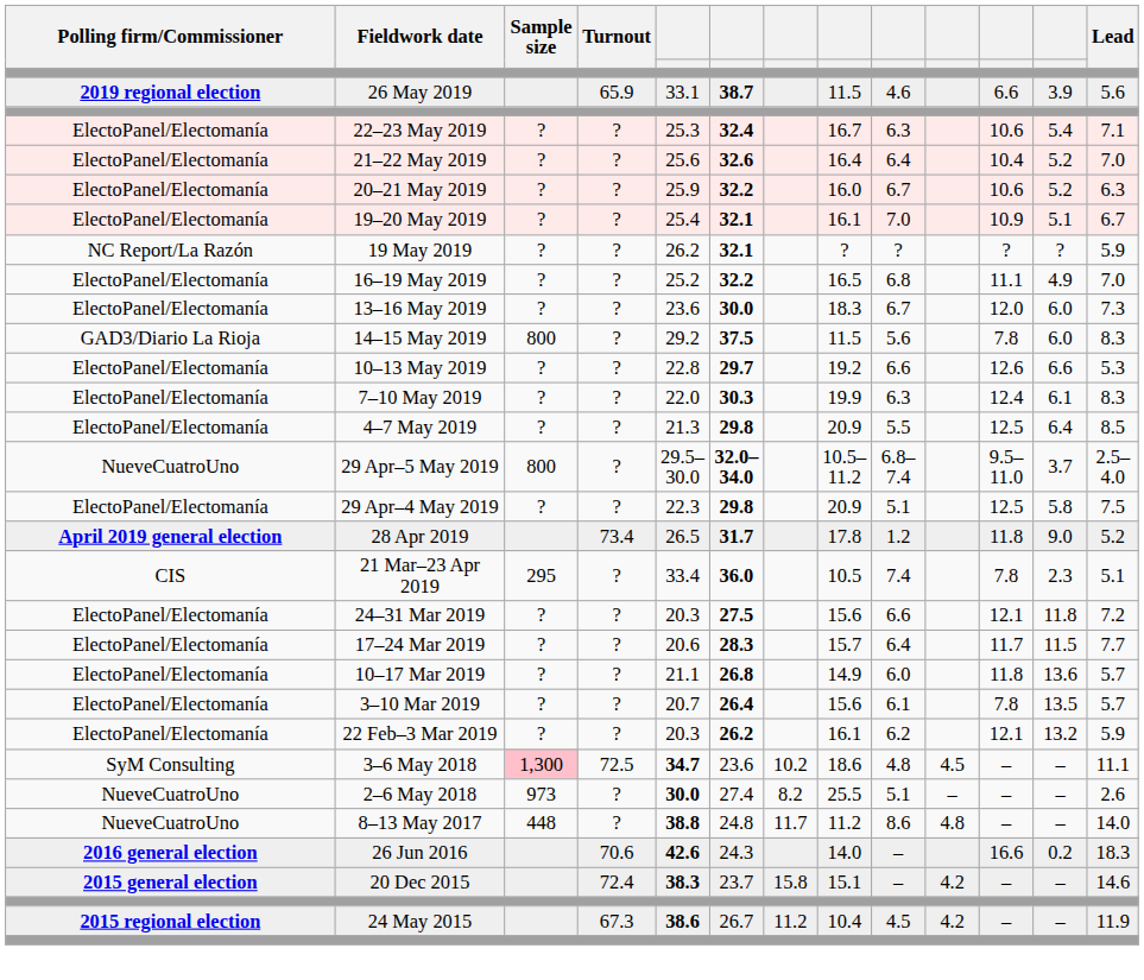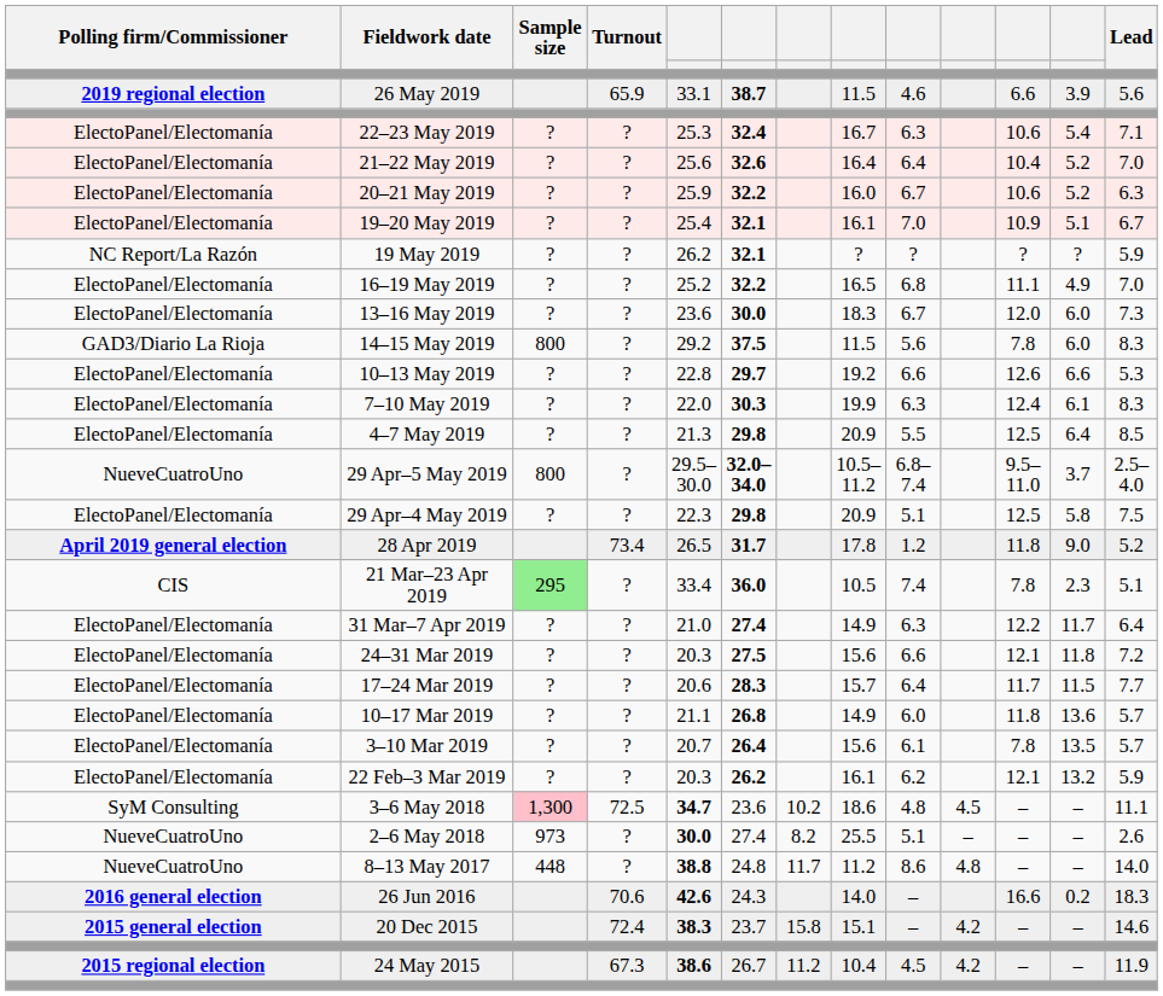 <table class="wikitable collapsible collapsed" style="text-align:center; font-size:95%; line-height:16px;">
 <tr style="height:42px;">
 <th style="width:250px;" rowspan="2">Polling firm/Commissioner</th>
 <th style="width:125px;" rowspan="2">Fieldwork date</th>
 <th style="width:50px;" rowspan="2">Sample size</th>
 <th style="width:45px;" rowspan="2">Turnout</th>
 <th style="width:35px;"></th>
 <th style="width:35px;"></th>
 <th style="width:35px;"></th>
 <th style="width:35px;"></th>
 <th style="width:35px;"></th>
 <th style="width:35px;"></th>
 <th style="width:35px;"></th>
 <th style="width:35px;"></th>
 <th style="width:30px;" rowspan="2">Lead</th>
 </tr>
 <tr>
 <th style="color:inherit;background:"></th>
 <th style="color:inherit;background:"></th>
 <th style="color:inherit;background:"></th>
 <th style="color:inherit;background:"></th>
 <th style="color:inherit;background:"></th>
 <th style="color:inherit;background:"></th>
 <th style="color:inherit;background:"></th>
 <th style="color:inherit;background:"></th>
 </tr>
 <tr>
 <td colspan="13" style="background:#A0A0A0"></td>
 </tr>
 <tr style="background:#EFEFEF;">
 <td><strong><a href='#'>2019 regional election</a></strong></td>
 <td>26 May 2019</td>
 <td></td>
 <td>65.9</td>
 <td>33.1<br></td>
 <td><strong>38.7</strong><br></td>
 <td></td>
 <td>11.5<br></td>
 <td>4.6<br></td>
 <td></td>
 <td>6.6<br></td>
 <td>3.9<br></td>
 <td style="background:">5.6</td>
 </tr>
 <tr>
 <td colspan="13" style="background:#A0A0A0"></td>
 </tr>
 <tr style="background:#FFEAEA;">
 <td>ElectoPanel/Electomanía</td>
 <td>22–23 May 2019</td>
 <td>?</td>
 <td>?</td>
 <td>25.3<br></td>
 <td><strong>32.4</strong><br></td>
 <td></td>
 <td>16.7<br></td>
 <td>6.3<br></td>
 <td></td>
 <td>10.6<br></td>
 <td>5.4<br></td>
 <td style="background:">7.1</td>
 </tr>
 <tr style="background:#FFEAEA;">
 <td>ElectoPanel/Electomanía</td>
 <td>21–22 May 2019</td>
 <td>?</td>
 <td>?</td>
 <td>25.6<br></td>
 <td><strong>32.6</strong><br></td>
 <td></td>
 <td>16.4<br></td>
 <td>6.4<br></td>
 <td></td>
 <td>10.4<br></td>
 <td>5.2<br></td>
 <td style="background:">7.0</td>
 </tr>
 <tr style="background:#FFEAEA;">
 <td>ElectoPanel/Electomanía</td>
 <td>20–21 May 2019</td>
 <td>?</td>
 <td>?</td>
 <td>25.9<br></td>
 <td><strong>32.2</strong><br></td>
 <td></td>
 <td>16.0<br></td>
 <td>6.7<br></td>
 <td></td>
 <td>10.6<br></td>
 <td>5.2<br></td>
 <td style="background:">6.3</td>
 </tr>
 <tr style="background:#FFEAEA;">
 <td>ElectoPanel/Electomanía</td>
 <td>19–20 May 2019</td>
 <td>?</td>
 <td>?</td>
 <td>25.4<br></td>
 <td><strong>32.1</strong><br></td>
 <td></td>
 <td>16.1<br></td>
 <td>7.0<br></td>
 <td></td>
 <td>10.9<br></td>
 <td>5.1<br></td>
 <td style="background:">6.7</td>
 </tr>
 <tr>
 <td>NC Report/La Razón</td>
 <td>19 May 2019</td>
 <td>?</td>
 <td>?</td>
 <td>26.2<br></td>
 <td><strong>32.1</strong><br></td>
 <td></td>
 <td>?<br></td>
 <td>?<br></td>
 <td></td>
 <td>?<br></td>
 <td>?<br></td>
 <td style="background:">5.9</td>
 </tr>
 <tr>
 <td>ElectoPanel/Electomanía</td>
 <td>16–19 May 2019</td>
 <td>?</td>
 <td>?</td>
 <td>25.2<br></td>
 <td><strong>32.2</strong><br></td>
 <td></td>
 <td>16.5<br></td>
 <td>6.8<br></td>
 <td></td>
 <td>11.1<br></td>
 <td>4.9<br></td>
 <td style="background:">7.0</td>
 </tr>
 <tr>
 <td>ElectoPanel/Electomanía</td>
 <td>13–16 May 2019</td>
 <td>?</td>
 <td>?</td>
 <td>23.6<br></td>
 <td><strong>30.0</strong><br></td>
 <td></td>
 <td>18.3<br></td>
 <td>6.7<br></td>
 <td></td>
 <td>12.0<br></td>
 <td>6.0<br></td>
 <td style="background:">7.3</td>
 </tr>
 <tr>
 <td>GAD3/Diario La Rioja</td>
 <td>14–15 May 2019</td>
 <td>800</td>
 <td>?</td>
 <td>29.2<br></td>
 <td><strong>37.5</strong><br></td>
 <td></td>
 <td>11.5<br></td>
 <td>5.6<br></td>
 <td></td>
 <td>7.8<br></td>
 <td>6.0<br></td>
 <td style="background:">8.3</td>
 </tr>
 <tr>
 <td>ElectoPanel/Electomanía</td>
 <td>10–13 May 2019</td>
 <td>?</td>
 <td>?</td>
 <td>22.8<br></td>
 <td><strong>29.7</strong><br></td>
 <td></td>
 <td>19.2<br></td>
 <td>6.6<br></td>
 <td></td>
 <td>12.6<br></td>
 <td>6.6<br></td>
 <td style="background:">5.3</td>
 </tr>
 <tr>
 <td>ElectoPanel/Electomanía</td>
 <td>7–10 May 2019</td>
 <td>?</td>
 <td>?</td>
 <td>22.0<br></td>
 <td><strong>30.3</strong><br></td>
 <td></td>
 <td>19.9<br></td>
 <td>6.3<br></td>
 <td></td>
 <td>12.4<br></td>
 <td>6.1<br></td>
 <td style="background:">8.3</td>
 </tr>
 <tr>
 <td>ElectoPanel/Electomanía</td>
 <td>4–7 May 2019</td>
 <td>?</td>
 <td>?</td>
 <td>21.3<br></td>
 <td><strong>29.8</strong><br></td>
 <td></td>
 <td>20.9<br></td>
 <td>5.5<br></td>
 <td></td>
 <td>12.5<br></td>
 <td>6.4<br></td>
 <td style="background:">8.5</td>
 </tr>
 <tr>
 <td>NueveCuatroUno</td>
 <td>29 Apr–5 May 2019</td>
 <td>800</td>
 <td>?</td>
 <td>29.5–<br>30.0<br></td>
 <td><strong>32.0–<br>34.0</strong><br></td>
 <td></td>
 <td>10.5–<br>11.2<br></td>
 <td>6.8–<br>7.4<br></td>
 <td></td>
 <td>9.5–<br>11.0<br></td>
 <td>3.7<br></td>
 <td style="background:">2.5–<br>4.0</td>
 </tr>
 <tr>
 <td>ElectoPanel/Electomanía</td>
 <td>29 Apr–4 May 2019</td>
 <td>?</td>
 <td>?</td>
 <td>22.3<br></td>
 <td><strong>29.8</strong><br></td>
 <td></td>
 <td>20.9<br></td>
 <td>5.1<br></td>
 <td></td>
 <td>12.5<br></td>
 <td>5.8<br></td>
 <td style="background:">7.5</td>
 </tr>
 <tr style="background:#EFEFEF;">
 <td><strong><a href='#'>April 2019 general election</a></strong></td>
 <td>28 Apr 2019</td>
 <td></td>
 <td>73.4</td>
 <td>26.5<br></td>
 <td><strong>31.7</strong><br></td>
 <td></td>
 <td>17.8<br></td>
 <td>1.2<br></td>
 <td></td>
 <td>11.8<br></td>
 <td>9.0<br></td>
 <td style="background:">5.2</td>
 </tr>
 <tr>
 <td>CIS</td>
 <td>21 Mar–23 Apr 2019</td>
-<td>295</td>
+<td style="background: lightgreen;">295</td>
 <td>?</td>
 <td>33.4<br></td>
 <td><strong>36.0</strong><br></td>
 <td></td>
 <td>10.5<br></td>
 <td>7.4<br></td>
 <td></td>
 <td>7.8<br></td>
 <td>2.3<br></td>
 <td style="background:">5.1</td>
+</tr>
+<tr>
+<td>ElectoPanel/Electomanía</td>
+<td>31 Mar–7 Apr 2019</td>
+<td>?</td>
+<td>?</td>
+<td>21.0<br></td>
+<td><strong>27.4</strong><br></td>
+<td></td>
+<td>14.9<br></td>
+<td>6.3<br></td>
+<td></td>
+<td>12.2<br></td>
+<td>11.7<br></td>
+<td style="background:">6.4</td>
 </tr>
 <tr>
 <td>ElectoPanel/Electomanía</td>
 <td>24–31 Mar 2019</td>
 <td>?</td>
 <td>?</td>
 <td>20.3<br></td>
 <td><strong>27.5</strong><br></td>
 <td></td>
 <td>15.6<br></td>
 <td>6.6<br></td>
 <td></td>
 <td>12.1<br></td>
 <td>11.8<br></td>
 <td style="background:">7.2</td>
 </tr>
 <tr>
 <td>ElectoPanel/Electomanía</td>
 <td>17–24 Mar 2019</td>
 <td>?</td>
 <td>?</td>
 <td>20.6<br></td>
 <td><strong>28.3</strong><br></td>
 <td></td>
 <td>15.7<br></td>
 <td>6.4<br></td>
 <td></td>
 <td>11.7<br></td>
 <td>11.5<br></td>
 <td style="background:">7.7</td>
 </tr>
 <tr>
 <td>ElectoPanel/Electomanía</td>
 <td>10–17 Mar 2019</td>
 <td>?</td>
 <td>?</td>
 <td>21.1<br></td>
 <td><strong>26.8</strong><br></td>
 <td></td>
 <td>14.9<br></td>
 <td>6.0<br></td>
 <td></td>
 <td>11.8<br></td>
 <td>13.6<br></td>
 <td style="background:">5.7</td>
 </tr>
 <tr>
 <td>ElectoPanel/Electomanía</td>
 <td>3–10 Mar 2019</td>
 <td>?</td>
 <td>?</td>
 <td>20.7<br></td>
 <td><strong>26.4</strong><br></td>
 <td></td>
 <td>15.6<br></td>
 <td>6.1<br></td>
 <td></td>
 <td>7.8<br></td>
 <td>13.5<br></td>
 <td style="background:">5.7</td>
 </tr>
 <tr>
 <td>ElectoPanel/Electomanía</td>
 <td>22 Feb–3 Mar 2019</td>
 <td>?</td>
 <td>?</td>
 <td>20.3<br></td>
 <td><strong>26.2</strong><br></td>
 <td></td>
 <td>16.1<br></td>
 <td>6.2<br></td>
 <td></td>
 <td>12.1<br></td>
 <td>13.2<br></td>
 <td style="background:">5.9</td>
 </tr>
 <tr>
 <td>SyM Consulting</td>
 <td>3–6 May 2018</td>
 <td style="background: pink;">1,300</td>
 <td>72.5</td>
 <td><strong>34.7</strong><br></td>
 <td>23.6<br></td>
 <td>10.2<br></td>
 <td>18.6<br></td>
 <td>4.8<br></td>
 <td>4.5<br></td>
 <td>–</td>
 <td>–</td>
 <td style="background:">11.1</td>
 </tr>
 <tr>
 <td>NueveCuatroUno</td>
 <td>2–6 May 2018</td>
 <td>973</td>
 <td>?</td>
 <td><strong>30.0</strong><br></td>
 <td>27.4<br></td>
 <td>8.2<br></td>
 <td>25.5<br></td>
 <td>5.1<br></td>
 <td>–</td>
 <td>–</td>
 <td>–</td>
 <td style="background:">2.6</td>
 </tr>
 <tr>
 <td>NueveCuatroUno</td>
 <td>8–13 May 2017</td>
 <td>448</td>
 <td>?</td>
 <td><strong>38.8</strong><br></td>
 <td>24.8<br></td>
 <td>11.7<br></td>
 <td>11.2<br></td>
 <td>8.6<br></td>
 <td>4.8<br></td>
 <td>–</td>
 <td>–</td>
 <td style="background:">14.0</td>
 </tr>
 <tr style="background:#EFEFEF;">
 <td><strong><a href='#'>2016 general election</a></strong></td>
 <td>26 Jun 2016</td>
 <td></td>
 <td>70.6</td>
 <td><strong>42.6</strong><br></td>
 <td>24.3<br></td>
 <td></td>
 <td>14.0<br></td>
 <td>–</td>
 <td></td>
 <td>16.6<br></td>
 <td>0.2<br></td>
 <td style="background:">18.3</td>
 </tr>
 <tr style="background:#EFEFEF;">
 <td><strong><a href='#'>2015 general election</a></strong></td>
 <td>20 Dec 2015</td>
 <td></td>
 <td>72.4</td>
 <td><strong>38.3</strong><br></td>
 <td>23.7<br></td>
 <td>15.8<br></td>
 <td>15.1<br></td>
 <td>–</td>
 <td>4.2<br></td>
 <td>–</td>
 <td>–</td>
 <td style="background:">14.6</td>
 </tr>
 <tr>
 <td colspan="13" style="background:#A0A0A0"></td>
 </tr>
 <tr style="background:#EFEFEF;">
 <td><strong><a href='#'>2015 regional election</a></strong></td>
 <td>24 May 2015</td>
 <td></td>
 <td>67.3</td>
 <td><strong>38.6</strong><br></td>
 <td>26.7<br></td>
 <td>11.2<br></td>
 <td>10.4<br></td>
 <td>4.5<br></td>
 <td>4.2<br></td>
 <td>–</td>
 <td>–</td>
 <td style="background:">11.9</td>
 </tr>
 <tr>
 <td colspan="13" style="background:#A0A0A0"></td>
 </tr>
 </table>
